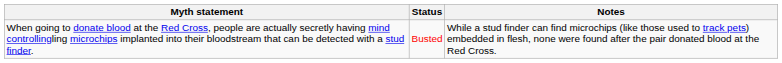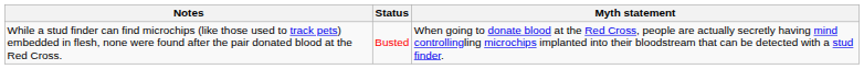 <table class="wikitable plainrowheaders">
 <tr>
+<th>Notes</th>
+<th>Status</th>
 <th>Myth statement</th>
-<th>Status</th>
-<th>Notes</th>
 </tr>
 <tr>
+<td>While a stud finder can find microchips (like those used to <a href='#'>track pets</a>) embedded in flesh, none were found after the pair donated blood at the Red Cross.</td>
+<td style="color:red">Busted</td>
 <td>When going to <a href='#'>donate blood</a> at the <a href='#'>Red Cross</a>, people are actually secretly having <a href='#'>mind controlling</a>ling <a href='#'>microchips</a> implanted into their bloodstream that can be detected with a <a href='#'>stud finder</a>.</td>
-<td style="color:red">Busted</td>
-<td>While a stud finder can find microchips (like those used to <a href='#'>track pets</a>) embedded in flesh, none were found after the pair donated blood at the Red Cross.</td>
 </tr>
 </table>
